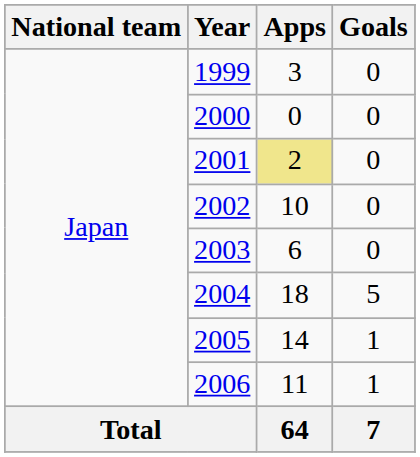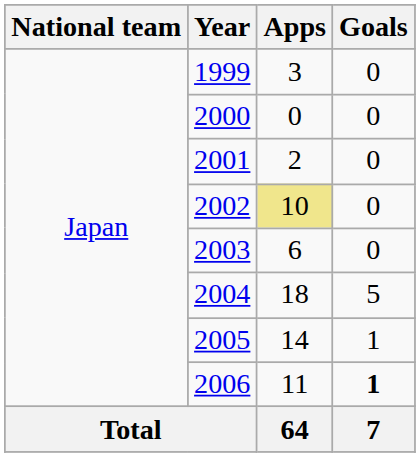 <table class="wikitable" style="text-align:center">
 <tr>
 <th>National team</th>
 <th>Year</th>
 <th>Apps</th>
 <th>Goals</th>
 </tr>
 <tr>
 <td rowspan="8"><a href='#'>Japan</a></td>
 <td><a href='#'>1999</a></td>
 <td>3</td>
 <td>0</td>
 </tr>
 <tr>
 <td><a href='#'>2000</a></td>
 <td>0</td>
 <td>0</td>
 </tr>
 <tr>
 <td><a href='#'>2001</a></td>
-<td style="background: khaki;">2</td>
+<td>2</td>
 <td>0</td>
 </tr>
 <tr>
 <td><a href='#'>2002</a></td>
-<td>10</td>
+<td style="background: khaki;">10</td>
 <td>0</td>
 </tr>
 <tr>
 <td><a href='#'>2003</a></td>
 <td>6</td>
 <td>0</td>
 </tr>
 <tr>
 <td><a href='#'>2004</a></td>
 <td>18</td>
 <td>5</td>
 </tr>
 <tr>
 <td><a href='#'>2005</a></td>
 <td>14</td>
 <td>1</td>
 </tr>
 <tr>
 <td><a href='#'>2006</a></td>
 <td>11</td>
-<td>1</td>
+<td><strong>1</strong></td>
 </tr>
 <tr>
 <th colspan="2">Total</th>
 <th>64</th>
 <th>7</th>
 </tr>
 </table>
